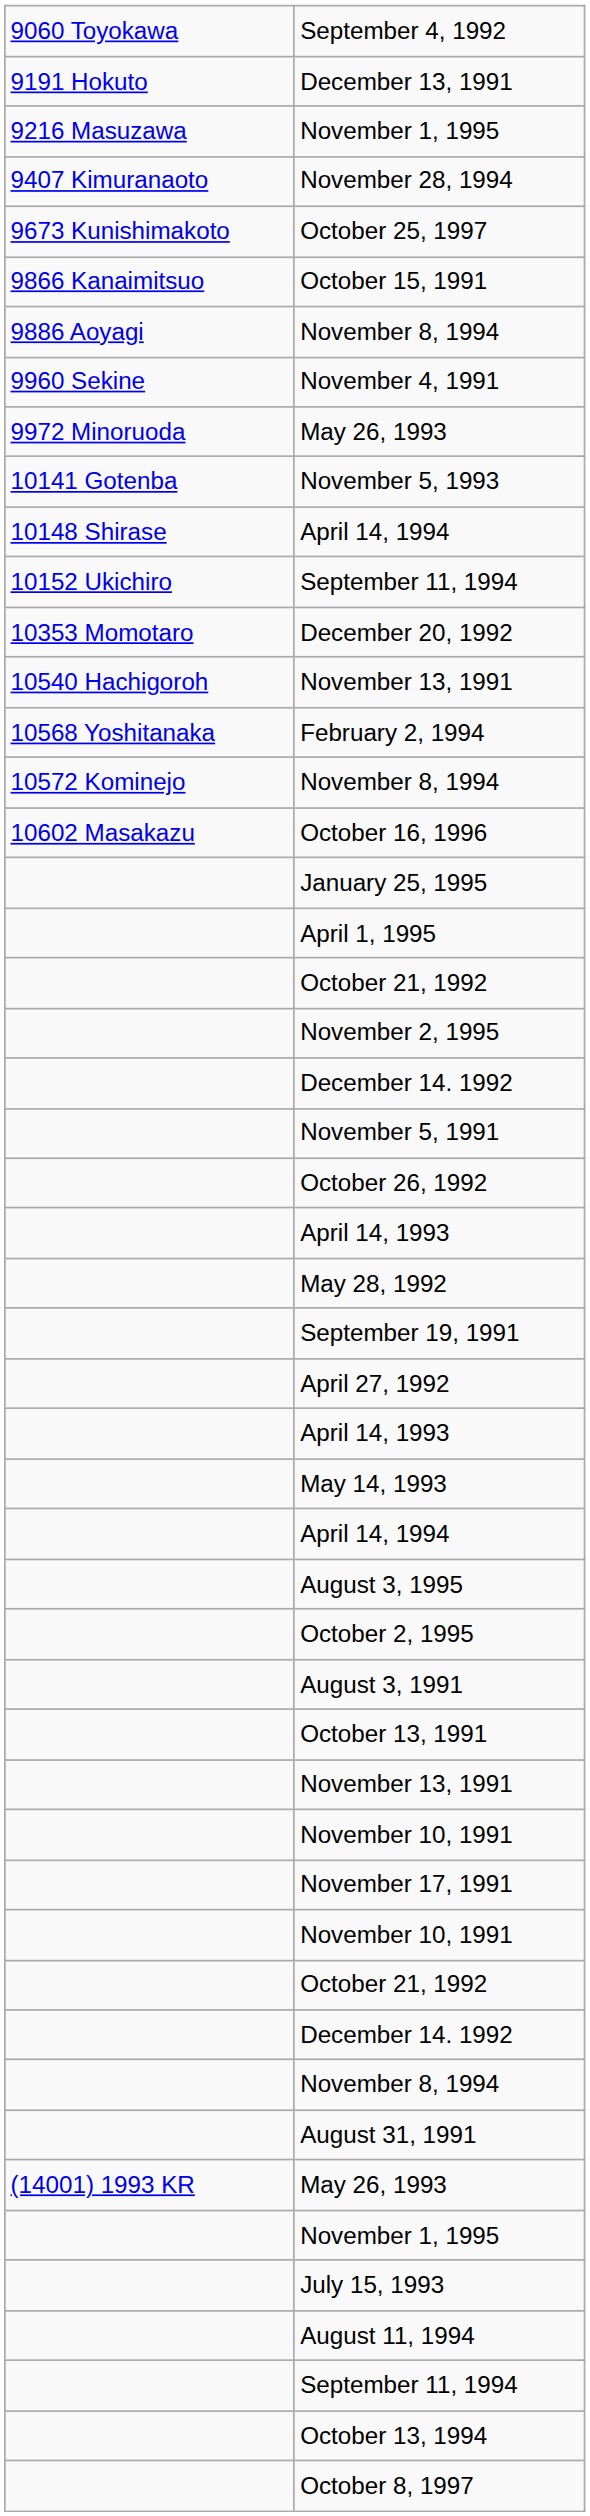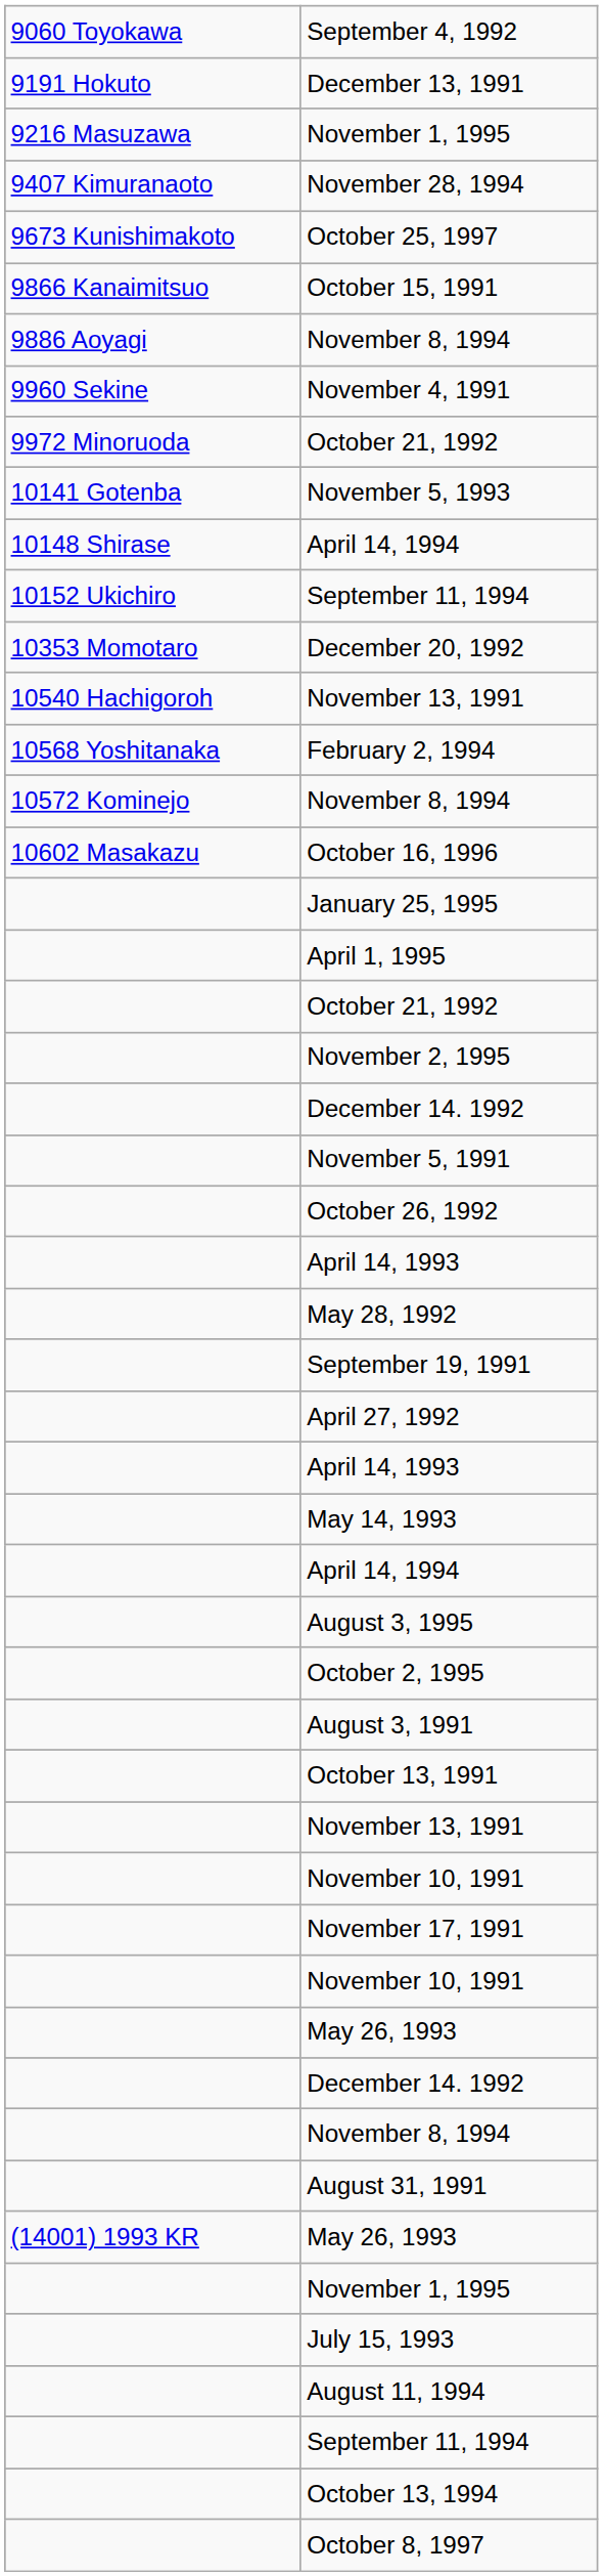 <table class="wikitable" style="font-size: 89%; float: left; width: 24em; margin-right: 1em; line-height: 1.6em !important;">
 <tr>
 <td><a href='#'>9060 Toyokawa</a></td>
 <td>September 4, 1992</td>
 </tr>
 <tr>
 <td><a href='#'>9191 Hokuto</a></td>
 <td>December 13, 1991</td>
 </tr>
 <tr>
 <td><a href='#'>9216 Masuzawa</a></td>
 <td>November 1, 1995</td>
 </tr>
 <tr>
 <td><a href='#'>9407 Kimuranaoto</a></td>
 <td>November 28, 1994</td>
 </tr>
 <tr>
 <td><a href='#'>9673 Kunishimakoto</a></td>
 <td>October 25, 1997</td>
 </tr>
 <tr>
 <td><a href='#'>9866 Kanaimitsuo</a></td>
 <td>October 15, 1991</td>
 </tr>
 <tr>
 <td><a href='#'>9886 Aoyagi</a></td>
 <td>November 8, 1994</td>
 </tr>
 <tr>
 <td><a href='#'>9960 Sekine</a></td>
 <td>November 4, 1991</td>
 </tr>
 <tr>
 <td><a href='#'>9972 Minoruoda</a></td>
-<td>May 26, 1993</td>
+<td>October 21, 1992</td>
 </tr>
 <tr>
 <td><a href='#'>10141 Gotenba</a></td>
 <td>November 5, 1993</td>
 </tr>
 <tr>
 <td><a href='#'>10148 Shirase</a></td>
 <td>April 14, 1994</td>
 </tr>
 <tr>
 <td><a href='#'>10152 Ukichiro</a></td>
 <td>September 11, 1994</td>
 </tr>
 <tr>
 <td><a href='#'>10353 Momotaro</a></td>
 <td>December 20, 1992</td>
 </tr>
 <tr>
 <td><a href='#'>10540 Hachigoroh</a></td>
 <td>November 13, 1991</td>
 </tr>
 <tr>
 <td><a href='#'>10568 Yoshitanaka</a></td>
 <td>February 2, 1994</td>
 </tr>
 <tr>
 <td><a href='#'>10572 Kominejo</a></td>
 <td>November 8, 1994</td>
 </tr>
 <tr>
 <td><a href='#'>10602 Masakazu</a></td>
 <td>October 16, 1996</td>
 </tr>
 <tr>
 <td></td>
 <td>January 25, 1995</td>
 </tr>
 <tr>
 <td></td>
 <td>April 1, 1995</td>
 </tr>
 <tr>
 <td></td>
 <td>October 21, 1992</td>
 </tr>
 <tr>
 <td></td>
 <td>November 2, 1995</td>
 </tr>
 <tr>
 <td></td>
 <td>December 14. 1992</td>
 </tr>
 <tr>
 <td></td>
 <td>November 5, 1991</td>
 </tr>
 <tr>
 <td></td>
 <td>October 26, 1992</td>
 </tr>
 <tr>
 <td></td>
 <td>April 14, 1993</td>
 </tr>
 <tr>
 <td></td>
 <td>May 28, 1992</td>
 </tr>
 <tr>
 <td></td>
 <td>September 19, 1991</td>
 </tr>
 <tr>
 <td></td>
 <td>April 27, 1992</td>
 </tr>
 <tr>
 <td></td>
 <td>April 14, 1993</td>
 </tr>
 <tr>
 <td></td>
 <td>May 14, 1993</td>
 </tr>
 <tr>
 <td></td>
 <td>April 14, 1994</td>
 </tr>
 <tr>
 <td></td>
 <td>August 3, 1995</td>
 </tr>
 <tr>
 <td></td>
 <td>October 2, 1995</td>
 </tr>
 <tr>
 <td></td>
 <td>August 3, 1991</td>
 </tr>
 <tr>
 <td></td>
 <td>October 13, 1991</td>
 </tr>
 <tr>
 <td></td>
 <td>November 13, 1991</td>
 </tr>
 <tr>
 <td></td>
 <td>November 10, 1991</td>
 </tr>
 <tr>
 <td></td>
 <td>November 17, 1991</td>
 </tr>
 <tr>
 <td></td>
 <td>November 10, 1991</td>
 </tr>
 <tr>
 <td></td>
-<td>October 21, 1992</td>
+<td>May 26, 1993</td>
 </tr>
 <tr>
 <td></td>
 <td>December 14. 1992</td>
 </tr>
 <tr>
 <td></td>
 <td>November 8, 1994</td>
 </tr>
 <tr>
 <td></td>
 <td>August 31, 1991</td>
 </tr>
 <tr>
 <td><a href='#'>(14001) 1993 KR</a></td>
 <td>May 26, 1993</td>
 </tr>
 <tr>
 <td></td>
 <td>November 1, 1995</td>
 </tr>
 <tr>
 <td></td>
 <td>July 15, 1993</td>
 </tr>
 <tr>
 <td></td>
 <td>August 11, 1994</td>
 </tr>
 <tr>
 <td></td>
 <td>September 11, 1994</td>
 </tr>
 <tr>
 <td></td>
 <td>October 13, 1994</td>
 </tr>
 <tr>
 <td></td>
 <td>October 8, 1997</td>
 </tr>
 </table>
